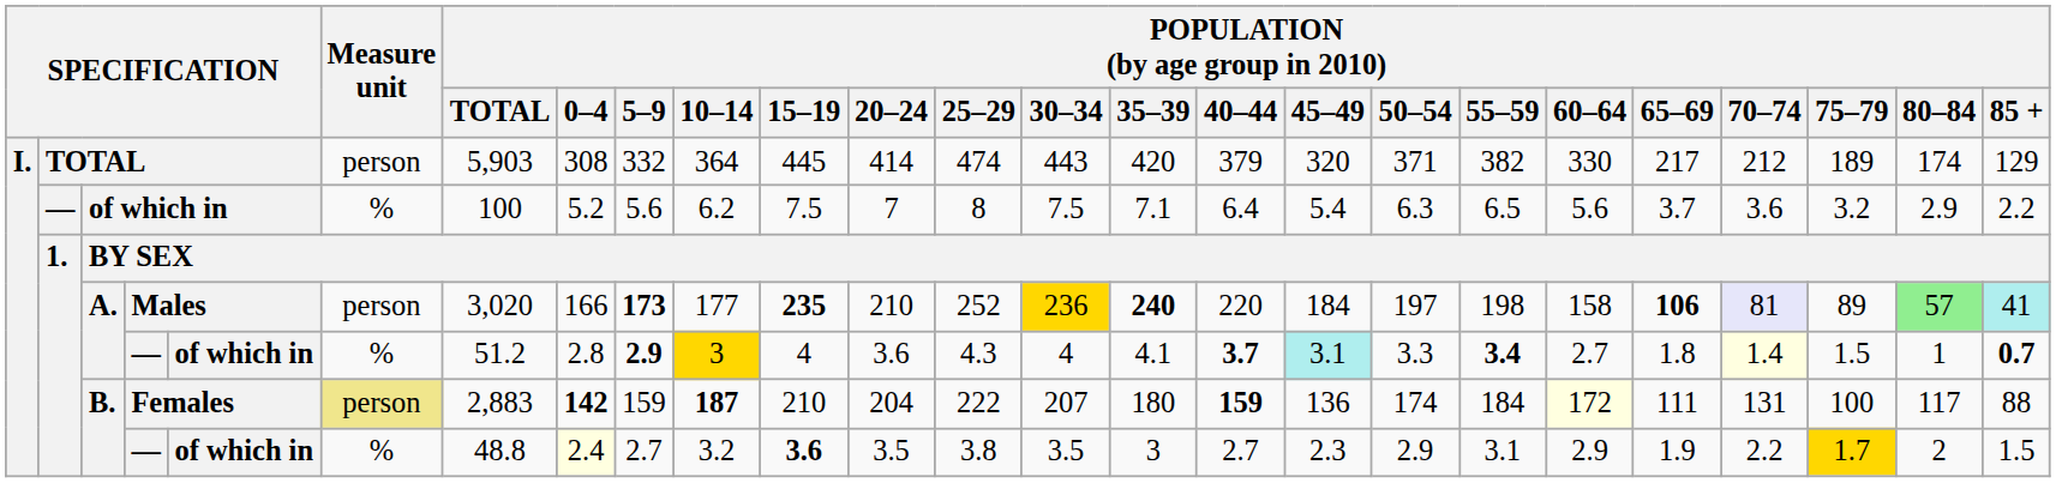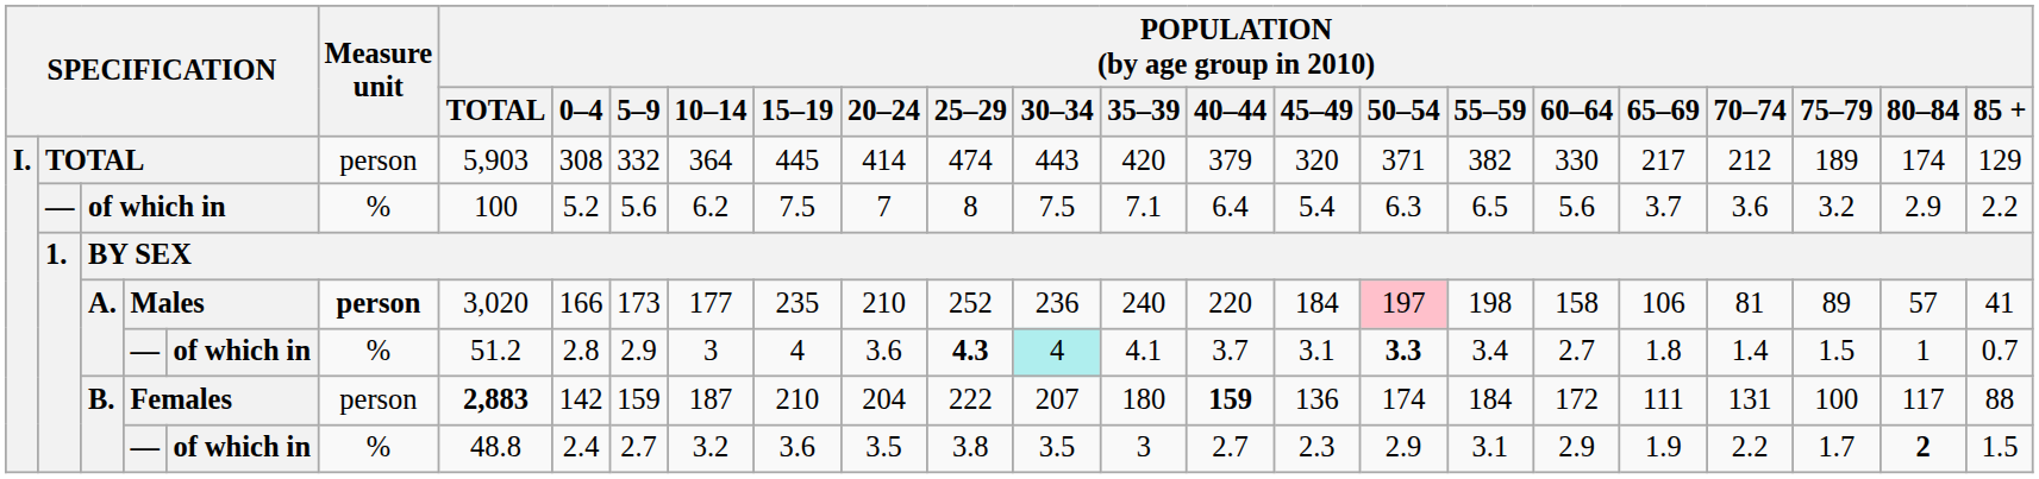 <table class="wikitable" style="font-size:85%; text-align:center">
 <tr>
 <th rowspan="2" colspan="5">SPECIFICATION</th>
 <th rowspan="2">Measure<br> unit</th>
 <th colspan="20" rowspan="1">POPULATION<br> (by age group in 2010)</th>
 </tr>
 <tr>
 <th>TOTAL</th>
 <th>0–4</th>
 <th>5–9</th>
 <th>10–14</th>
 <th>15–19</th>
 <th>20–24</th>
 <th>25–29</th>
 <th>30–34</th>
 <th>35–39</th>
 <th>40–44</th>
 <th>45–49</th>
 <th>50–54</th>
 <th>55–59</th>
 <th>60–64</th>
 <th>65–69</th>
 <th>70–74</th>
 <th>75–79</th>
 <th>80–84</th>
 <th>85 +</th>
 </tr>
 <tr>
 <th style="text-align:left" valign="top" rowspan="7">I.</th>
 <th style="text-align:left" colspan="4">TOTAL</th>
 <td>person</td>
 <td>5,903</td>
 <td>308</td>
 <td>332</td>
 <td>364</td>
 <td>445</td>
 <td>414</td>
 <td>474</td>
 <td>443</td>
 <td>420</td>
 <td>379</td>
 <td>320</td>
 <td>371</td>
 <td>382</td>
 <td>330</td>
 <td>217</td>
 <td>212</td>
 <td>189</td>
 <td>174</td>
 <td>129</td>
 </tr>
 <tr>
 <th style="text-align:left" valign="top">—</th>
 <th style="text-align:left" colspan="3">of which in</th>
 <td>%</td>
 <td>100</td>
 <td>5.2</td>
 <td>5.6</td>
 <td>6.2</td>
 <td>7.5</td>
 <td>7</td>
 <td>8</td>
 <td>7.5</td>
 <td>7.1</td>
 <td>6.4</td>
 <td>5.4</td>
 <td>6.3</td>
 <td>6.5</td>
 <td>5.6</td>
 <td>3.7</td>
 <td>3.6</td>
 <td>3.2</td>
 <td>2.9</td>
 <td>2.2</td>
 </tr>
 <tr>
 <th style="text-align:left" valign="top" rowspan="5">1.</th>
 <th style="text-align:left" colspan="23">BY SEX</th>
 </tr>
 <tr>
 <th style="text-align:left" valign="top" rowspan="2">A.</th>
 <th style="text-align:left" colspan="2">Males</th>
-<td>person</td>
+<td><strong>person</strong></td>
 <td>3,020</td>
 <td>166</td>
-<td><strong>173</strong></td>
+<td>173</td>
 <td>177</td>
-<td><strong>235</strong></td>
+<td>235</td>
 <td>210</td>
 <td>252</td>
-<td style="background: gold;">236</td>
-<td><strong>240</strong></td>
+<td>236</td>
+<td>240</td>
 <td>220</td>
 <td>184</td>
-<td>197</td>
+<td style="background: pink;">197</td>
 <td>198</td>
 <td>158</td>
-<td><strong>106</strong></td>
-<td style="background: lavender;">81</td>
+<td>106</td>
+<td>81</td>
 <td>89</td>
-<td style="background: lightgreen;">57</td>
-<td style="background: paleturquoise;">41</td>
+<td>57</td>
+<td>41</td>
 </tr>
 <tr>
 <th style="text-align:left" valign="top">—</th>
 <th style="text-align:left" colspan="1">of which in</th>
 <td>%</td>
 <td>51.2</td>
 <td>2.8</td>
-<td><strong>2.9</strong></td>
-<td style="background: gold;">3</td>
+<td>2.9</td>
+<td>3</td>
 <td>4</td>
 <td>3.6</td>
-<td>4.3</td>
-<td>4</td>
+<td><strong>4.3</strong></td>
+<td style="background: paleturquoise;">4</td>
 <td>4.1</td>
-<td><strong>3.7</strong></td>
-<td style="background: paleturquoise;">3.1</td>
-<td>3.3</td>
-<td><strong>3.4</strong></td>
+<td>3.7</td>
+<td>3.1</td>
+<td><strong>3.3</strong></td>
+<td>3.4</td>
 <td>2.7</td>
 <td>1.8</td>
-<td style="background: lightyellow;">1.4</td>
+<td>1.4</td>
 <td>1.5</td>
 <td>1</td>
-<td><strong>0.7</strong></td>
+<td>0.7</td>
 </tr>
 <tr>
 <th style="text-align:left" valign="top" rowspan="2">B.</th>
 <th style="text-align:left" colspan="2">Females</th>
-<td style="background: khaki;">person</td>
-<td>2,883</td>
-<td><strong>142</strong></td>
+<td>person</td>
+<td><strong>2,883</strong></td>
+<td>142</td>
 <td>159</td>
-<td><strong>187</strong></td>
+<td>187</td>
 <td>210</td>
 <td>204</td>
 <td>222</td>
 <td>207</td>
 <td>180</td>
 <td><strong>159</strong></td>
 <td>136</td>
 <td>174</td>
 <td>184</td>
-<td style="background: lightyellow;">172</td>
+<td>172</td>
 <td>111</td>
 <td>131</td>
 <td>100</td>
 <td>117</td>
 <td>88</td>
 </tr>
 <tr>
 <th style="text-align:left" valign="top">—</th>
 <th style="text-align:left" colspan="1">of which in</th>
 <td>%</td>
 <td>48.8</td>
-<td style="background: lightyellow;">2.4</td>
+<td>2.4</td>
 <td>2.7</td>
 <td>3.2</td>
-<td><strong>3.6</strong></td>
+<td>3.6</td>
 <td>3.5</td>
 <td>3.8</td>
 <td>3.5</td>
 <td>3</td>
 <td>2.7</td>
 <td>2.3</td>
 <td>2.9</td>
 <td>3.1</td>
 <td>2.9</td>
 <td>1.9</td>
 <td>2.2</td>
-<td style="background: gold;">1.7</td>
-<td>2</td>
+<td>1.7</td>
+<td><strong>2</strong></td>
 <td>1.5</td>
 </tr>
 </table>
